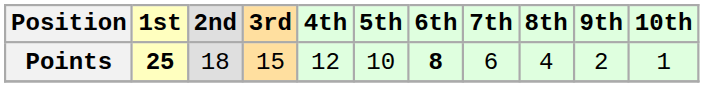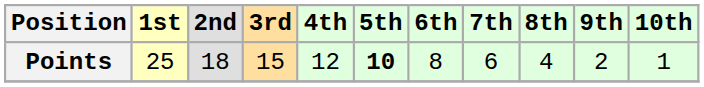 <table class="wikitable" style="font-size: 85%;">
 <tr>
 <th>Position</th>
 <td style="background-color:#ffffbf"><strong>1st</strong></td>
 <td style="background-color:#dfdfdf"><strong>2nd</strong></td>
 <td style="background-color:#ffdf9f"><strong>3rd</strong></td>
 <td style="background-color:#dfffdf"><strong>4th</strong></td>
 <td style="background-color:#dfffdf"><strong>5th</strong></td>
 <td style="background-color:#dfffdf"><strong>6th</strong></td>
 <td style="background-color:#dfffdf"><strong>7th</strong></td>
 <td style="background-color:#dfffdf"><strong>8th</strong></td>
 <td style="background-color:#dfffdf"><strong>9th</strong></td>
 <td style="background-color:#dfffdf"><strong>10th</strong></td>
 </tr>
 <tr>
 <th>Points</th>
-<td style="background-color:#ffffbf" align="center"><strong>25</strong></td>
+<td style="background-color:#ffffbf" align="center">25</td>
 <td style="background-color:#dfdfdf" align="center">18</td>
 <td style="background-color:#ffdf9f" align="center">15</td>
 <td style="background-color:#dfffdf" align="center">12</td>
-<td style="background-color:#dfffdf" align="center">10</td>
-<td style="background-color:#dfffdf" align="center"><strong>8</strong></td>
+<td style="background-color:#dfffdf" align="center"><strong>10</strong></td>
+<td style="background-color:#dfffdf" align="center">8</td>
 <td style="background-color:#dfffdf" align="center">6</td>
 <td style="background-color:#dfffdf" align="center">4</td>
 <td style="background-color:#dfffdf" align="center">2</td>
 <td style="background-color:#dfffdf" align="center">1</td>
 </tr>
 <tr>
 </tr>
 </table>
